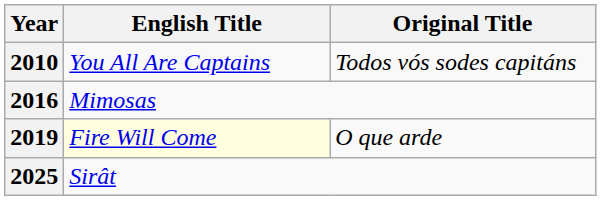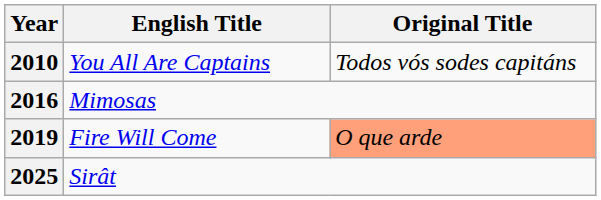 <table class="wikitable">
 <tr>
 <th style=width:10%>Year</th>
 <th style=width:45%>English Title</th>
 <th style=width:45%>Original Title</th>
 </tr>
 <tr>
 <th>2010</th>
 <td><em><a href='#'>You All Are Captains</a></em></td>
 <td><em>Todos vós sodes capitáns</em></td>
 </tr>
 <tr>
 <th>2016</th>
 <td colspan="2"><em><a href='#'>Mimosas</a></em></td>
 </tr>
 <tr>
 <th>2019</th>
-<td style="background: lightyellow;"><em><a href='#'>Fire Will Come</a></em></td>
-<td><em>O que arde</em></td>
+<td><em><a href='#'>Fire Will Come</a></em></td>
+<td style="background: lightsalmon;"><em>O que arde</em></td>
 </tr>
 <tr>
 <th>2025</th>
 <td colspan="2"><em><a href='#'>Sirât</a></em></td>
 </tr>
 </table>
